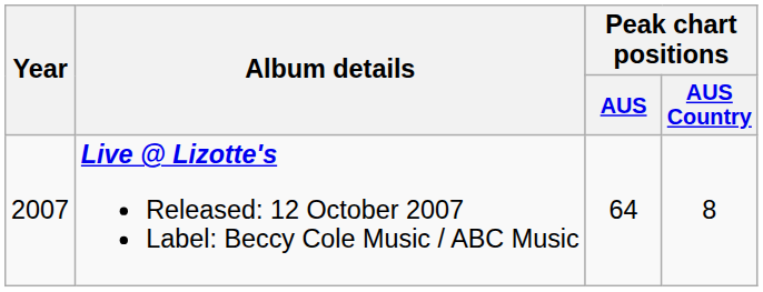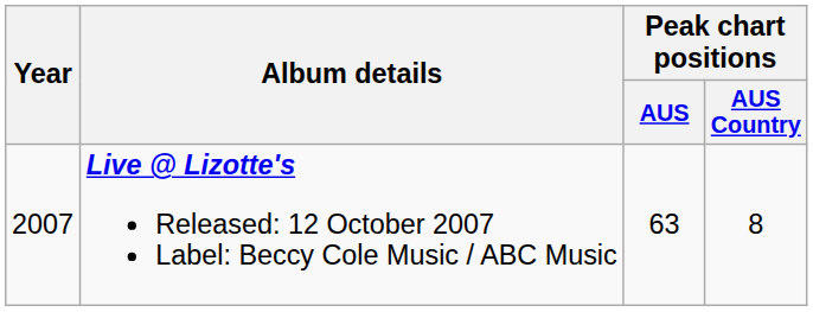 <table class="wikitable" style="text-align:center;">
 <tr>
 <th rowspan="2">Year</th>
 <th rowspan="2">Album details</th>
 <th colspan="2">Peak chart positions</th>
 </tr>
 <tr>
 <th style="width:3em;font-size:85%"><a href='#'>AUS</a><br></th>
 <th style="width:3em;font-size:85%"><a href='#'>AUS<br>Country</a></th>
 </tr>
 <tr>
 <td>2007</td>
 <td align="left"><strong><em><a href='#'>Live @ Lizotte's</a></em></strong><br><ul><li>Released: 12 October 2007</li><li>Label: Beccy Cole Music / ABC Music</li></ul></td>
-<td>64</td>
+<td>63</td>
 <td>8</td>
 </tr>
 </table>
